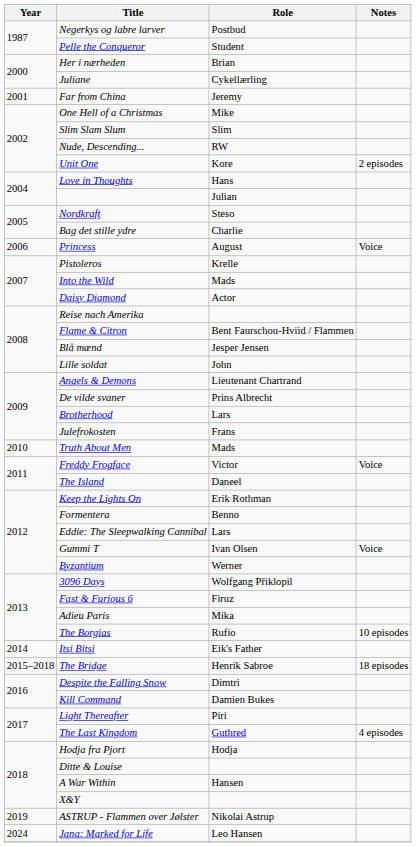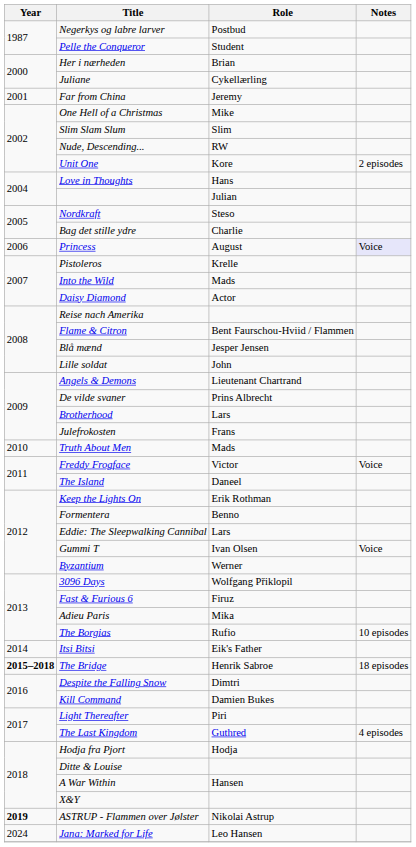 <table class="wikitable sortable">
 <tr>
 <th>Year</th>
 <th>Title</th>
 <th>Role</th>
 <th>Notes</th>
 </tr>
 <tr>
 <td rowspan=2>1987</td>
 <td><em>Negerkys og labre larver</em></td>
 <td>Postbud</td>
 <td></td>
 </tr>
 <tr>
 <td><em><a href='#'>Pelle the Conqueror</a></em></td>
 <td>Student</td>
 <td></td>
 </tr>
 <tr>
 <td rowspan=2>2000</td>
 <td><em>Her i nærheden</em></td>
 <td>Brian</td>
 <td></td>
 </tr>
 <tr>
 <td><em>Juliane</em></td>
 <td>Cykellærling</td>
 <td></td>
 </tr>
 <tr>
 <td>2001</td>
 <td><em>Far from China</em></td>
 <td>Jeremy</td>
 <td></td>
 </tr>
 <tr>
 <td rowspan=4>2002</td>
 <td><em>One Hell of a Christmas</em></td>
 <td>Mike</td>
 <td></td>
 </tr>
 <tr>
 <td><em>Slim Slam Slum</em></td>
 <td>Slim</td>
 <td></td>
 </tr>
 <tr>
 <td><em>Nude, Descending...</em></td>
 <td>RW</td>
 </tr>
 <tr>
 <td><em><a href='#'>Unit One</a></em></td>
 <td>Kore</td>
 <td>2 episodes</td>
 </tr>
 <tr>
 <td rowspan=2>2004</td>
 <td><em><a href='#'>Love in Thoughts</a></em></td>
 <td>Hans</td>
 <td></td>
 </tr>
 <tr>
 <td><em></em></td>
 <td>Julian</td>
 <td></td>
 </tr>
 <tr>
 <td rowspan=2>2005</td>
 <td><em><a href='#'>Nordkraft</a></em></td>
 <td>Steso</td>
 <td></td>
 </tr>
 <tr>
 <td><em>Bag det stille ydre</em></td>
 <td>Charlie</td>
 <td></td>
 </tr>
 <tr>
 <td>2006</td>
 <td><em><a href='#'>Princess</a></em></td>
 <td>August</td>
-<td>Voice</td>
+<td style="background: lavender;">Voice</td>
 </tr>
 <tr>
 <td rowspan=3>2007</td>
 <td><em>Pistoleros</em></td>
 <td>Krelle</td>
 <td></td>
 </tr>
 <tr>
 <td><em><a href='#'>Into the Wild</a></em></td>
 <td>Mads</td>
 <td></td>
 </tr>
 <tr>
 <td><em><a href='#'>Daisy Diamond</a></em></td>
 <td>Actor</td>
 <td></td>
 </tr>
 <tr>
 <td rowspan=4>2008</td>
 <td><em>Reise nach Amerika</em></td>
 <td></td>
 <td></td>
 </tr>
 <tr>
 <td><em><a href='#'>Flame & Citron</a></em></td>
 <td>Bent Faurschou-Hviid / Flammen</td>
 <td></td>
 </tr>
 <tr>
 <td><em>Blå mænd</em></td>
 <td>Jesper Jensen</td>
 <td></td>
 </tr>
 <tr>
 <td><em>Lille soldat</em></td>
 <td>John</td>
 <td></td>
 </tr>
 <tr>
 <td rowspan=4>2009</td>
 <td><em><a href='#'>Angels & Demons</a></em></td>
 <td>Lieutenant Chartrand</td>
 <td></td>
 </tr>
 <tr>
 <td><em>De vilde svaner</em></td>
 <td>Prins Albrecht</td>
 <td></td>
 </tr>
 <tr>
 <td><em><a href='#'>Brotherhood</a></em></td>
 <td>Lars</td>
 <td></td>
 </tr>
 <tr>
 <td><em>Julefrokosten</em></td>
 <td>Frans</td>
 <td></td>
 </tr>
 <tr>
 <td>2010</td>
 <td><em><a href='#'>Truth About Men</a></em></td>
 <td>Mads</td>
 <td></td>
 </tr>
 <tr>
 <td rowspan=2>2011</td>
 <td><em><a href='#'>Freddy Frogface</a></em></td>
 <td>Victor</td>
 <td>Voice</td>
 </tr>
 <tr>
 <td><em><a href='#'>The Island</a></em></td>
 <td>Daneel</td>
 <td></td>
 </tr>
 <tr>
 <td rowspan=5>2012</td>
 <td><em><a href='#'>Keep the Lights On</a></em></td>
 <td>Erik Rothman</td>
 <td></td>
 </tr>
 <tr>
 <td><em>Formentera</em></td>
 <td>Benno</td>
 <td></td>
 </tr>
 <tr>
 <td><em>Eddie: The Sleepwalking Cannibal</em></td>
 <td>Lars</td>
 <td></td>
 </tr>
 <tr>
 <td><em>Gummi T</em></td>
 <td>Ivan Olsen</td>
 <td>Voice</td>
 </tr>
 <tr>
 <td><em><a href='#'>Byzantium</a></em></td>
 <td>Werner</td>
 <td></td>
 </tr>
 <tr>
 <td rowspan=4>2013</td>
 <td><em><a href='#'>3096 Days</a></em></td>
 <td>Wolfgang Přiklopil</td>
 <td></td>
 </tr>
 <tr>
 <td><em><a href='#'>Fast & Furious 6</a></em></td>
 <td>Firuz</td>
 <td></td>
 </tr>
 <tr>
 <td><em>Adieu Paris</em></td>
 <td>Mika</td>
 <td></td>
 </tr>
 <tr>
 <td><em><a href='#'> The Borgias</a></em></td>
 <td>Rufio</td>
 <td>10 episodes</td>
 </tr>
 <tr>
 <td>2014</td>
 <td><em><a href='#'>Itsi Bitsi</a></em></td>
 <td>Eik's Father</td>
 <td></td>
 </tr>
 <tr>
-<td>2015–2018</td>
+<td><strong>2015–2018</strong></td>
 <td><em><a href='#'>The Bridge</a></em></td>
 <td>Henrik Sabroe</td>
 <td>18 episodes</td>
 </tr>
 <tr>
 <td rowspan=2>2016</td>
 <td><em><a href='#'>Despite the Falling Snow</a></em></td>
 <td>Dimtri</td>
 <td></td>
 </tr>
 <tr>
 <td><em><a href='#'>Kill Command</a></em></td>
 <td>Damien Bukes</td>
 <td></td>
 </tr>
 <tr>
 <td rowspan=2>2017</td>
 <td><em><a href='#'>Light Thereafter</a></em></td>
 <td>Piri</td>
 <td></td>
 </tr>
 <tr>
 <td><em><a href='#'>The Last Kingdom</a></em></td>
 <td><a href='#'>Guthred</a></td>
 <td>4 episodes</td>
 </tr>
 <tr>
 <td rowspan=4>2018</td>
 <td><em>Hodja fra Pjort</em></td>
 <td>Hodja</td>
 <td></td>
 </tr>
 <tr>
 <td><em>Ditte & Louise</em></td>
 <td></td>
 <td></td>
 </tr>
 <tr>
 <td><em>A War Within</em></td>
 <td>Hansen</td>
 <td></td>
 </tr>
 <tr>
 <td><em>X&Y</em></td>
 <td></td>
 <td></td>
 </tr>
 <tr>
-<td>2019</td>
+<td><strong>2019</strong></td>
 <td><em>ASTRUP - Flammen over Jølster</em></td>
 <td>Nikolai Astrup</td>
 <td></td>
 </tr>
 <tr>
 <td>2024</td>
 <td><em><a href='#'>Jana: Marked for Life</a></em></td>
 <td>Leo Hansen</td>
 <td></td>
 </tr>
 <tr>
 </tr>
 </table>
